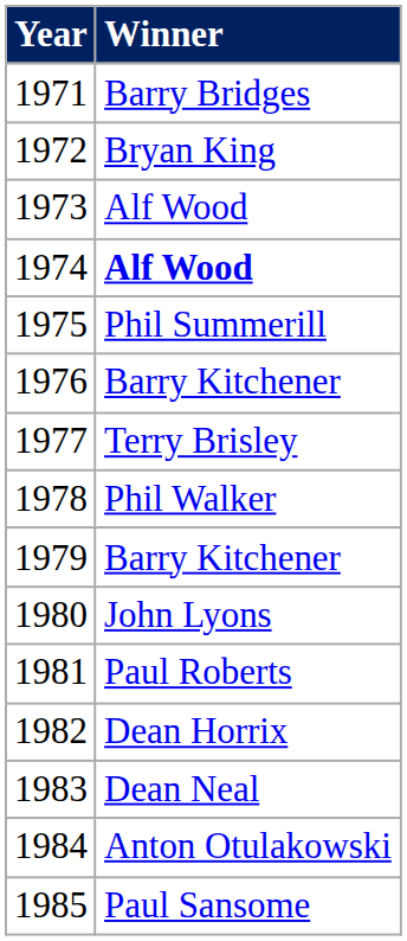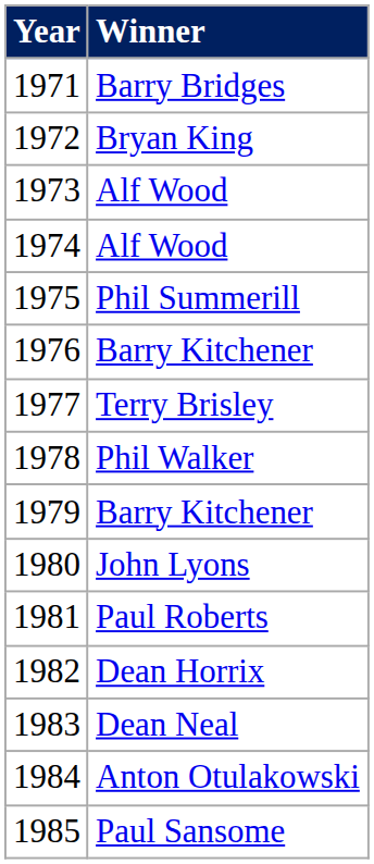 <table class="wikitable" style="background:#fff; text-align:left;">
 <tr style="font-weight:bold; color:#fff; background:#002060;"|>
 <td><strong>Year</strong></td>
 <td><strong>Winner</strong></td>
 </tr>
 <tr>
 <td>1971</td>
 <td> <a href='#'>Barry Bridges</a></td>
 </tr>
 <tr>
 <td>1972</td>
 <td> <a href='#'>Bryan King</a></td>
 </tr>
 <tr>
 <td>1973</td>
 <td> <a href='#'>Alf Wood</a></td>
 </tr>
 <tr>
 <td>1974</td>
-<td><strong> <a href='#'>Alf Wood</a></strong></td>
+<td> <a href='#'>Alf Wood</a></td>
 </tr>
 <tr>
 <td>1975</td>
 <td> <a href='#'>Phil Summerill</a></td>
 </tr>
 <tr>
 <td>1976</td>
 <td> <a href='#'>Barry Kitchener</a></td>
 </tr>
 <tr>
 <td>1977</td>
 <td> <a href='#'>Terry Brisley</a></td>
 </tr>
 <tr>
 <td>1978</td>
 <td> <a href='#'>Phil Walker</a></td>
 </tr>
 <tr>
 <td>1979</td>
 <td> <a href='#'>Barry Kitchener</a></td>
 </tr>
 <tr>
 <td>1980</td>
 <td> <a href='#'>John Lyons</a></td>
 </tr>
 <tr>
 <td>1981</td>
 <td> <a href='#'>Paul Roberts</a></td>
 </tr>
 <tr>
 <td>1982</td>
 <td> <a href='#'>Dean Horrix</a></td>
 </tr>
 <tr>
 <td>1983</td>
 <td> <a href='#'>Dean Neal</a></td>
 </tr>
 <tr>
 <td>1984</td>
 <td> <a href='#'>Anton Otulakowski</a></td>
 </tr>
 <tr>
 <td>1985</td>
 <td> <a href='#'>Paul Sansome</a></td>
 </tr>
 </table>
